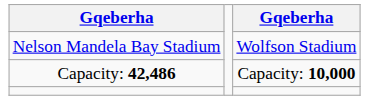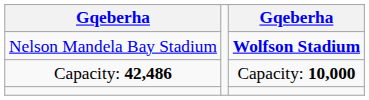 <table class="wikitable" style="text-align:center; margin:0.2em auto;">
 <tr>
 <th><a href='#'>Gqeberha</a></th>
 <td rowspan="4"></td>
 <th><a href='#'>Gqeberha</a></th>
 </tr>
 <tr>
 <td><a href='#'>Nelson Mandela Bay Stadium</a></td>
-<td><a href='#'>Wolfson Stadium</a></td>
+<td><strong><a href='#'>Wolfson Stadium</a></strong></td>
 </tr>
 <tr>
 <td>Capacity: <strong>42,486</strong></td>
 <td>Capacity: <strong>10,000</strong></td>
 </tr>
 <tr>
 <td></td>
 <td></td>
 </tr>
 </table>
